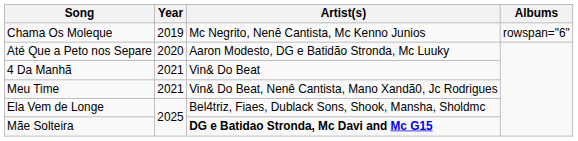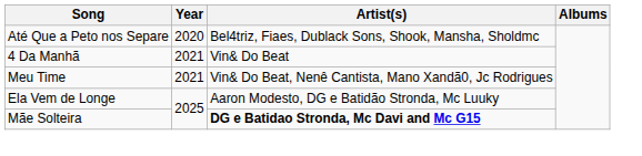 <table class="wikitable">
 <tr>
 <th>Song</th>
 <th>Year</th>
 <th>Artist(s)</th>
 <th>Albums</th>
 </tr>
 <tr>
-<td>Chama Os Moleque</td>
-<td>2019</td>
-<td>Mc Negrito, Nenê Cantista, Mc Kenno Junios</td>
-<td>rowspan="6" </td>
-</tr>
-<tr>
 <td>Até Que a Peto nos Separe</td>
 <td>2020</td>
-<td>Aaron Modesto, DG e Batidão Stronda, Mc Luuky</td>
+<td>Bel4triz, Fiaes, Dublack Sons, Shook, Mansha, Sholdmc</td>
 </tr>
 <tr>
 <td>4 Da Manhã</td>
 <td>2021</td>
 <td>Vin& Do Beat</td>
 </tr>
 <tr>
 <td>Meu Time</td>
 <td>2021</td>
 <td>Vin& Do Beat, Nenê Cantista, Mano Xandã0, Jc Rodrigues</td>
 </tr>
 <tr>
 <td>Ela Vem de Longe</td>
 <td rowspan="2">2025</td>
-<td>Bel4triz, Fiaes, Dublack Sons, Shook, Mansha, Sholdmc</td>
+<td>Aaron Modesto, DG e Batidão Stronda, Mc Luuky</td>
 </tr>
 <tr>
 <td>Mãe Solteira</td>
 <td><strong>DG e Batidao Stronda, Mc Davi and <a href='#'>Mc G15</a></strong></td>
 </tr>
 </table>
